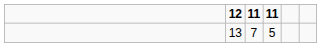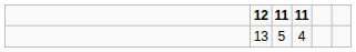 <table class="wikitable">
 <tr>
 <td style="width:18em"><strong></strong></td>
 <td align=center style="width:1em"><strong>12</strong></td>
 <td align=center style="width:1em"><strong>11</strong></td>
 <td align=center style="width:1em"><strong>11</strong></td>
 <td align=center style="width:1em"></td>
 <td align=center style="width:1em"></td>
 </tr>
 <tr>
 <td style="width:18em"></td>
 <td align=center style="width:1em">13</td>
-<td align=center style="width:1em">7</td>
 <td align=center style="width:1em">5</td>
+<td align=center style="width:1em">4</td>
 <td align=center style="width:1em"></td>
 <td align=center style="width:1em"></td>
 </tr>
 </table>
